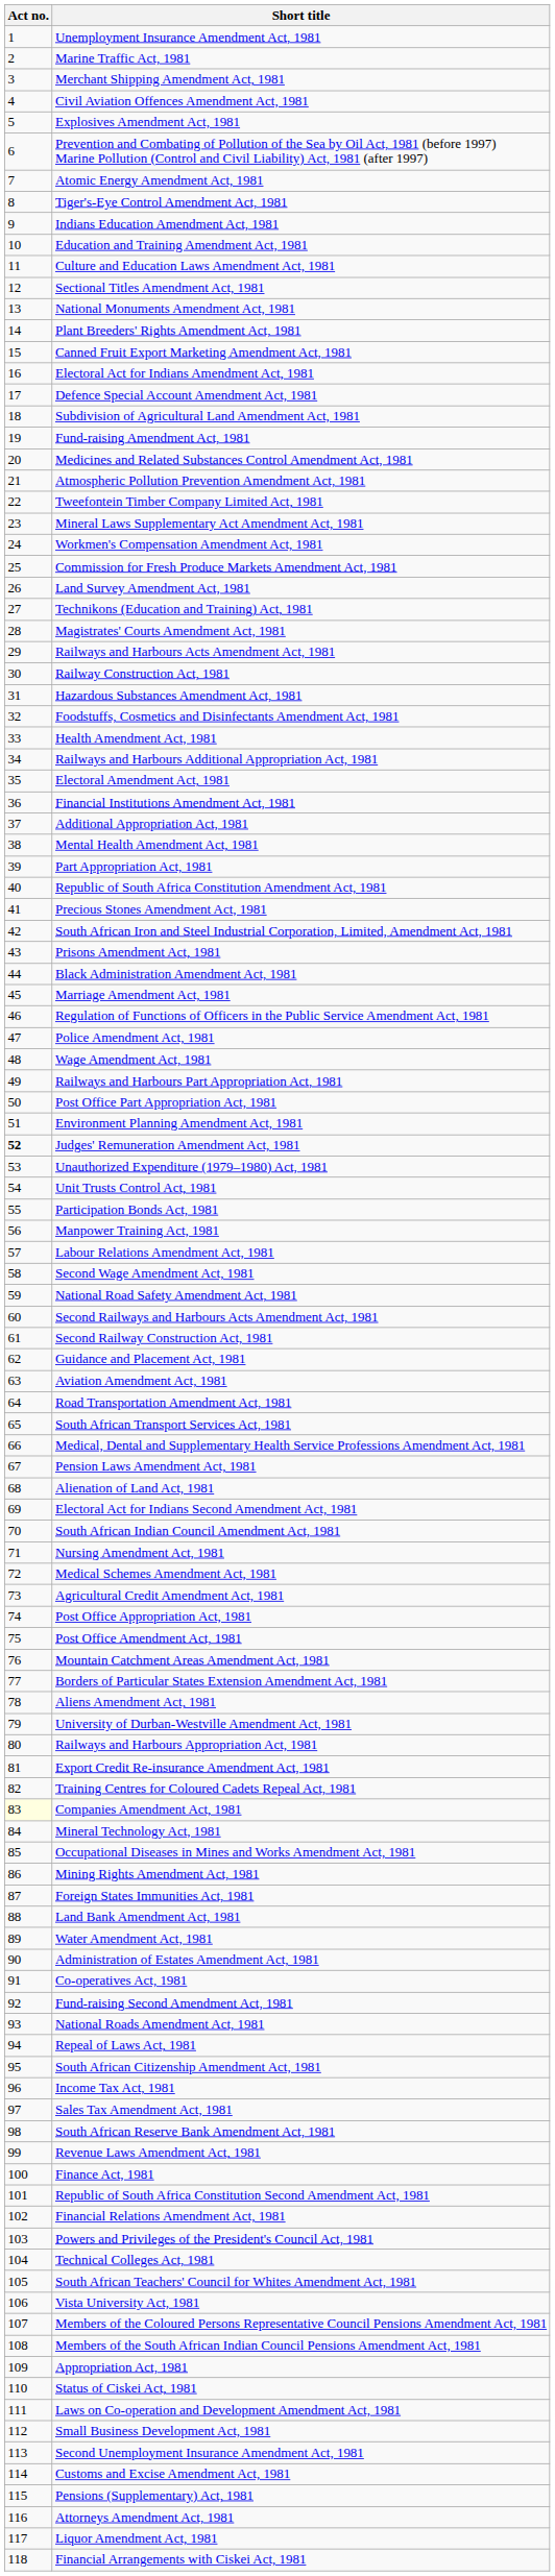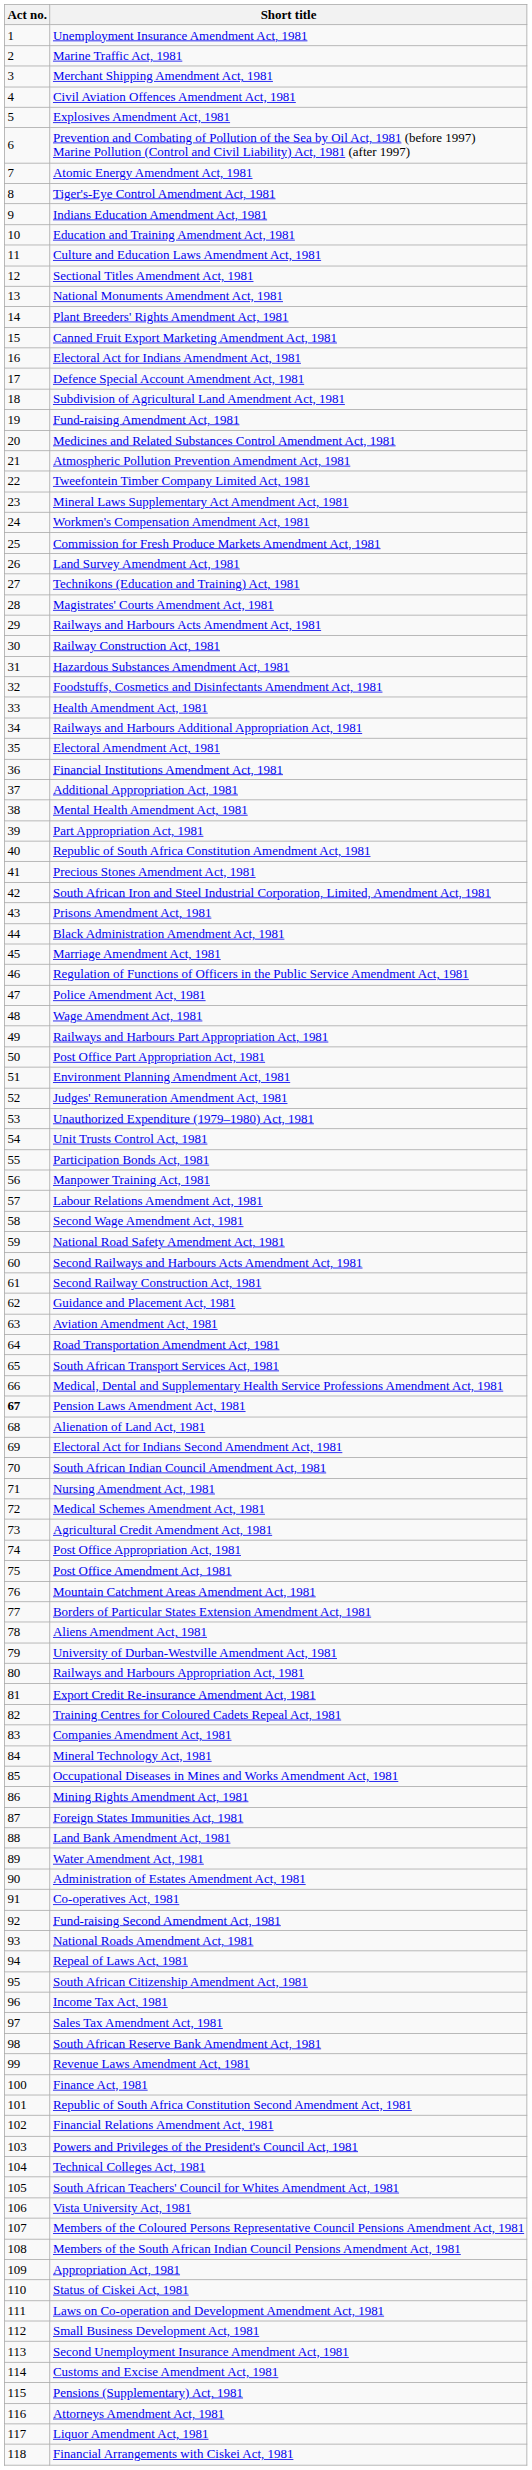 <table class="wikitable sortable">
 <tr>
 <th>Act no.</th>
 <th>Short title</th>
 </tr>
 <tr>
 <td>1</td>
 <td><a href='#'>Unemployment Insurance Amendment Act, 1981</a></td>
 </tr>
 <tr>
 <td>2</td>
 <td><a href='#'>Marine Traffic Act, 1981</a></td>
 </tr>
 <tr>
 <td>3</td>
 <td><a href='#'>Merchant Shipping Amendment Act, 1981</a></td>
 </tr>
 <tr>
 <td>4</td>
 <td><a href='#'>Civil Aviation Offences Amendment Act, 1981</a></td>
 </tr>
 <tr>
 <td>5</td>
 <td><a href='#'>Explosives Amendment Act, 1981</a></td>
 </tr>
 <tr>
 <td>6</td>
 <td><a href='#'>Prevention and Combating of Pollution of the Sea by Oil Act, 1981</a> (before 1997) <br><a href='#'>Marine Pollution (Control and Civil Liability) Act, 1981</a> (after 1997)</td>
 </tr>
 <tr>
 <td>7</td>
 <td><a href='#'>Atomic Energy Amendment Act, 1981</a></td>
 </tr>
 <tr>
 <td>8</td>
 <td><a href='#'>Tiger's-Eye Control Amendment Act, 1981</a></td>
 </tr>
 <tr>
 <td>9</td>
 <td><a href='#'>Indians Education Amendment Act, 1981</a></td>
 </tr>
 <tr>
 <td>10</td>
 <td><a href='#'>Education and Training Amendment Act, 1981</a></td>
 </tr>
 <tr>
 <td>11</td>
 <td><a href='#'>Culture and Education Laws Amendment Act, 1981</a></td>
 </tr>
 <tr>
 <td>12</td>
 <td><a href='#'>Sectional Titles Amendment Act, 1981</a></td>
 </tr>
 <tr>
 <td>13</td>
 <td><a href='#'>National Monuments Amendment Act, 1981</a></td>
 </tr>
 <tr>
 <td>14</td>
 <td><a href='#'>Plant Breeders' Rights Amendment Act, 1981</a></td>
 </tr>
 <tr>
 <td>15</td>
 <td><a href='#'>Canned Fruit Export Marketing Amendment Act, 1981</a></td>
 </tr>
 <tr>
 <td>16</td>
 <td><a href='#'>Electoral Act for Indians Amendment Act, 1981</a></td>
 </tr>
 <tr>
 <td>17</td>
 <td><a href='#'>Defence Special Account Amendment Act, 1981</a></td>
 </tr>
 <tr>
 <td>18</td>
 <td><a href='#'>Subdivision of Agricultural Land Amendment Act, 1981</a></td>
 </tr>
 <tr>
 <td>19</td>
 <td><a href='#'>Fund-raising Amendment Act, 1981</a></td>
 </tr>
 <tr>
 <td>20</td>
 <td><a href='#'>Medicines and Related Substances Control Amendment Act, 1981</a></td>
 </tr>
 <tr>
 <td>21</td>
 <td><a href='#'>Atmospheric Pollution Prevention Amendment Act, 1981</a></td>
 </tr>
 <tr>
 <td>22</td>
 <td><a href='#'>Tweefontein Timber Company Limited Act, 1981</a></td>
 </tr>
 <tr>
 <td>23</td>
 <td><a href='#'>Mineral Laws Supplementary Act Amendment Act, 1981</a></td>
 </tr>
 <tr>
 <td>24</td>
 <td><a href='#'>Workmen's Compensation Amendment Act, 1981</a></td>
 </tr>
 <tr>
 <td>25</td>
 <td><a href='#'>Commission for Fresh Produce Markets Amendment Act, 1981</a></td>
 </tr>
 <tr>
 <td>26</td>
 <td><a href='#'>Land Survey Amendment Act, 1981</a></td>
 </tr>
 <tr>
 <td>27</td>
 <td><a href='#'>Technikons (Education and Training) Act, 1981</a></td>
 </tr>
 <tr>
 <td>28</td>
 <td><a href='#'>Magistrates' Courts Amendment Act, 1981</a></td>
 </tr>
 <tr>
 <td>29</td>
 <td><a href='#'>Railways and Harbours Acts Amendment Act, 1981</a></td>
 </tr>
 <tr>
 <td>30</td>
 <td><a href='#'>Railway Construction Act, 1981</a></td>
 </tr>
 <tr>
 <td>31</td>
 <td><a href='#'>Hazardous Substances Amendment Act, 1981</a></td>
 </tr>
 <tr>
 <td>32</td>
 <td><a href='#'>Foodstuffs, Cosmetics and Disinfectants Amendment Act, 1981</a></td>
 </tr>
 <tr>
 <td>33</td>
 <td><a href='#'>Health Amendment Act, 1981</a></td>
 </tr>
 <tr>
 <td>34</td>
 <td><a href='#'>Railways and Harbours Additional Appropriation Act, 1981</a></td>
 </tr>
 <tr>
 <td>35</td>
 <td><a href='#'>Electoral Amendment Act, 1981</a></td>
 </tr>
 <tr>
 <td>36</td>
 <td><a href='#'>Financial Institutions Amendment Act, 1981</a></td>
 </tr>
 <tr>
 <td>37</td>
 <td><a href='#'>Additional Appropriation Act, 1981</a></td>
 </tr>
 <tr>
 <td>38</td>
 <td><a href='#'>Mental Health Amendment Act, 1981</a></td>
 </tr>
 <tr>
 <td>39</td>
 <td><a href='#'>Part Appropriation Act, 1981</a></td>
 </tr>
 <tr>
 <td>40</td>
 <td><a href='#'>Republic of South Africa Constitution Amendment Act, 1981</a></td>
 </tr>
 <tr>
 <td>41</td>
 <td><a href='#'>Precious Stones Amendment Act, 1981</a></td>
 </tr>
 <tr>
 <td>42</td>
 <td><a href='#'>South African Iron and Steel Industrial Corporation, Limited, Amendment Act, 1981</a></td>
 </tr>
 <tr>
 <td>43</td>
 <td><a href='#'>Prisons Amendment Act, 1981</a></td>
 </tr>
 <tr>
 <td>44</td>
 <td><a href='#'>Black Administration Amendment Act, 1981</a></td>
 </tr>
 <tr>
 <td>45</td>
 <td><a href='#'>Marriage Amendment Act, 1981</a></td>
 </tr>
 <tr>
 <td>46</td>
 <td><a href='#'>Regulation of Functions of Officers in the Public Service Amendment Act, 1981</a></td>
 </tr>
 <tr>
 <td>47</td>
 <td><a href='#'>Police Amendment Act, 1981</a></td>
 </tr>
 <tr>
 <td>48</td>
 <td><a href='#'>Wage Amendment Act, 1981</a></td>
 </tr>
 <tr>
 <td>49</td>
 <td><a href='#'>Railways and Harbours Part Appropriation Act, 1981</a></td>
 </tr>
 <tr>
 <td>50</td>
 <td><a href='#'>Post Office Part Appropriation Act, 1981</a></td>
 </tr>
 <tr>
 <td>51</td>
 <td><a href='#'>Environment Planning Amendment Act, 1981</a></td>
 </tr>
 <tr>
-<td><strong>52</strong></td>
+<td>52</td>
 <td><a href='#'>Judges' Remuneration Amendment Act, 1981</a></td>
 </tr>
 <tr>
 <td>53</td>
 <td><a href='#'>Unauthorized Expenditure (1979–1980) Act, 1981</a></td>
 </tr>
 <tr>
 <td>54</td>
 <td><a href='#'>Unit Trusts Control Act, 1981</a></td>
 </tr>
 <tr>
 <td>55</td>
 <td><a href='#'>Participation Bonds Act, 1981</a></td>
 </tr>
 <tr>
 <td>56</td>
 <td><a href='#'>Manpower Training Act, 1981</a></td>
 </tr>
 <tr>
 <td>57</td>
 <td><a href='#'>Labour Relations Amendment Act, 1981</a></td>
 </tr>
 <tr>
 <td>58</td>
 <td><a href='#'>Second Wage Amendment Act, 1981</a></td>
 </tr>
 <tr>
 <td>59</td>
 <td><a href='#'>National Road Safety Amendment Act, 1981</a></td>
 </tr>
 <tr>
 <td>60</td>
 <td><a href='#'>Second Railways and Harbours Acts Amendment Act, 1981</a></td>
 </tr>
 <tr>
 <td>61</td>
 <td><a href='#'>Second Railway Construction Act, 1981</a></td>
 </tr>
 <tr>
 <td>62</td>
 <td><a href='#'>Guidance and Placement Act, 1981</a></td>
 </tr>
 <tr>
 <td>63</td>
 <td><a href='#'>Aviation Amendment Act, 1981</a></td>
 </tr>
 <tr>
 <td>64</td>
 <td><a href='#'>Road Transportation Amendment Act, 1981</a></td>
 </tr>
 <tr>
 <td>65</td>
 <td><a href='#'>South African Transport Services Act, 1981</a></td>
 </tr>
 <tr>
 <td>66</td>
 <td><a href='#'>Medical, Dental and Supplementary Health Service Professions Amendment Act, 1981</a></td>
 </tr>
 <tr>
-<td>67</td>
+<td><strong>67</strong></td>
 <td><a href='#'>Pension Laws Amendment Act, 1981</a></td>
 </tr>
 <tr>
 <td>68</td>
 <td><a href='#'>Alienation of Land Act, 1981</a></td>
 </tr>
 <tr>
 <td>69</td>
 <td><a href='#'>Electoral Act for Indians Second Amendment Act, 1981</a></td>
 </tr>
 <tr>
 <td>70</td>
 <td><a href='#'>South African Indian Council Amendment Act, 1981</a></td>
 </tr>
 <tr>
 <td>71</td>
 <td><a href='#'>Nursing Amendment Act, 1981</a></td>
 </tr>
 <tr>
 <td>72</td>
 <td><a href='#'>Medical Schemes Amendment Act, 1981</a></td>
 </tr>
 <tr>
 <td>73</td>
 <td><a href='#'>Agricultural Credit Amendment Act, 1981</a></td>
 </tr>
 <tr>
 <td>74</td>
 <td><a href='#'>Post Office Appropriation Act, 1981</a></td>
 </tr>
 <tr>
 <td>75</td>
 <td><a href='#'>Post Office Amendment Act, 1981</a></td>
 </tr>
 <tr>
 <td>76</td>
 <td><a href='#'>Mountain Catchment Areas Amendment Act, 1981</a></td>
 </tr>
 <tr>
 <td>77</td>
 <td><a href='#'>Borders of Particular States Extension Amendment Act, 1981</a></td>
 </tr>
 <tr>
 <td>78</td>
 <td><a href='#'>Aliens Amendment Act, 1981</a></td>
 </tr>
 <tr>
 <td>79</td>
 <td><a href='#'>University of Durban-Westville Amendment Act, 1981</a></td>
 </tr>
 <tr>
 <td>80</td>
 <td><a href='#'>Railways and Harbours Appropriation Act, 1981</a></td>
 </tr>
 <tr>
 <td>81</td>
 <td><a href='#'>Export Credit Re-insurance Amendment Act, 1981</a></td>
 </tr>
 <tr>
 <td>82</td>
 <td><a href='#'>Training Centres for Coloured Cadets Repeal Act, 1981</a></td>
 </tr>
 <tr>
-<td style="background: lightyellow;">83</td>
+<td>83</td>
 <td><a href='#'>Companies Amendment Act, 1981</a></td>
 </tr>
 <tr>
 <td>84</td>
 <td><a href='#'>Mineral Technology Act, 1981</a></td>
 </tr>
 <tr>
 <td>85</td>
 <td><a href='#'>Occupational Diseases in Mines and Works Amendment Act, 1981</a></td>
 </tr>
 <tr>
 <td>86</td>
 <td><a href='#'>Mining Rights Amendment Act, 1981</a></td>
 </tr>
 <tr>
 <td>87</td>
 <td><a href='#'>Foreign States Immunities Act, 1981</a></td>
 </tr>
 <tr>
 <td>88</td>
 <td><a href='#'>Land Bank Amendment Act, 1981</a></td>
 </tr>
 <tr>
 <td>89</td>
 <td><a href='#'>Water Amendment Act, 1981</a></td>
 </tr>
 <tr>
 <td>90</td>
 <td><a href='#'>Administration of Estates Amendment Act, 1981</a></td>
 </tr>
 <tr>
 <td>91</td>
 <td><a href='#'>Co-operatives Act, 1981</a></td>
 </tr>
 <tr>
 <td>92</td>
 <td><a href='#'>Fund-raising Second Amendment Act, 1981</a></td>
 </tr>
 <tr>
 <td>93</td>
 <td><a href='#'>National Roads Amendment Act, 1981</a></td>
 </tr>
 <tr>
 <td>94</td>
 <td><a href='#'>Repeal of Laws Act, 1981</a></td>
 </tr>
 <tr>
 <td>95</td>
 <td><a href='#'>South African Citizenship Amendment Act, 1981</a></td>
 </tr>
 <tr>
 <td>96</td>
 <td><a href='#'>Income Tax Act, 1981</a></td>
 </tr>
 <tr>
 <td>97</td>
 <td><a href='#'>Sales Tax Amendment Act, 1981</a></td>
 </tr>
 <tr>
 <td>98</td>
 <td><a href='#'>South African Reserve Bank Amendment Act, 1981</a></td>
 </tr>
 <tr>
 <td>99</td>
 <td><a href='#'>Revenue Laws Amendment Act, 1981</a></td>
 </tr>
 <tr>
 <td>100</td>
 <td><a href='#'>Finance Act, 1981</a></td>
 </tr>
 <tr>
 <td>101</td>
 <td><a href='#'>Republic of South Africa Constitution Second Amendment Act, 1981</a></td>
 </tr>
 <tr>
 <td>102</td>
 <td><a href='#'>Financial Relations Amendment Act, 1981</a></td>
 </tr>
 <tr>
 <td>103</td>
 <td><a href='#'>Powers and Privileges of the President's Council Act, 1981</a></td>
 </tr>
 <tr>
 <td>104</td>
 <td><a href='#'>Technical Colleges Act, 1981</a></td>
 </tr>
 <tr>
 <td>105</td>
 <td><a href='#'>South African Teachers' Council for Whites Amendment Act, 1981</a></td>
 </tr>
 <tr>
 <td>106</td>
 <td><a href='#'>Vista University Act, 1981</a></td>
 </tr>
 <tr>
 <td>107</td>
 <td><a href='#'>Members of the Coloured Persons Representative Council Pensions Amendment Act, 1981</a></td>
 </tr>
 <tr>
 <td>108</td>
 <td><a href='#'>Members of the South African Indian Council Pensions Amendment Act, 1981</a></td>
 </tr>
 <tr>
 <td>109</td>
 <td><a href='#'>Appropriation Act, 1981</a></td>
 </tr>
 <tr>
 <td>110</td>
 <td><a href='#'>Status of Ciskei Act, 1981</a></td>
 </tr>
 <tr>
 <td>111</td>
 <td><a href='#'>Laws on Co-operation and Development Amendment Act, 1981</a></td>
 </tr>
 <tr>
 <td>112</td>
 <td><a href='#'>Small Business Development Act, 1981</a></td>
 </tr>
 <tr>
 <td>113</td>
 <td><a href='#'>Second Unemployment Insurance Amendment Act, 1981</a></td>
 </tr>
 <tr>
 <td>114</td>
 <td><a href='#'>Customs and Excise Amendment Act, 1981</a></td>
 </tr>
 <tr>
 <td>115</td>
 <td><a href='#'>Pensions (Supplementary) Act, 1981</a></td>
 </tr>
 <tr>
 <td>116</td>
 <td><a href='#'>Attorneys Amendment Act, 1981</a></td>
 </tr>
 <tr>
 <td>117</td>
 <td><a href='#'>Liquor Amendment Act, 1981</a></td>
 </tr>
 <tr>
 <td>118</td>
 <td><a href='#'>Financial Arrangements with Ciskei Act, 1981</a></td>
 </tr>
 </table>
